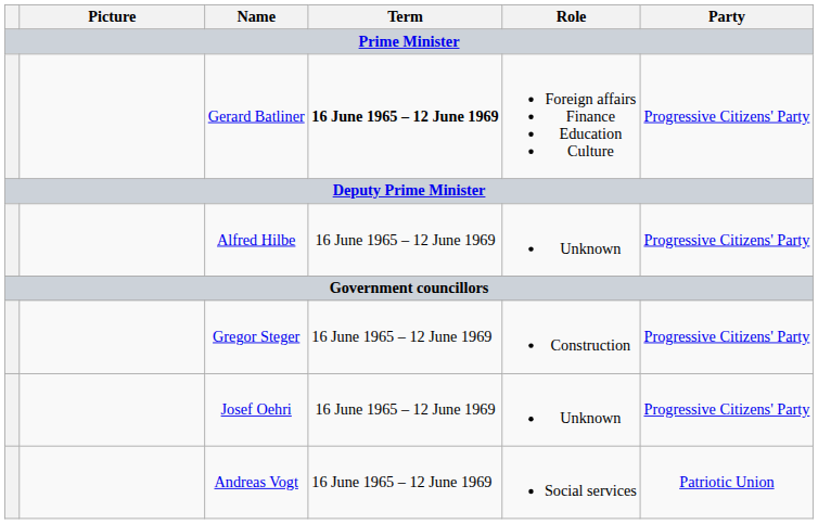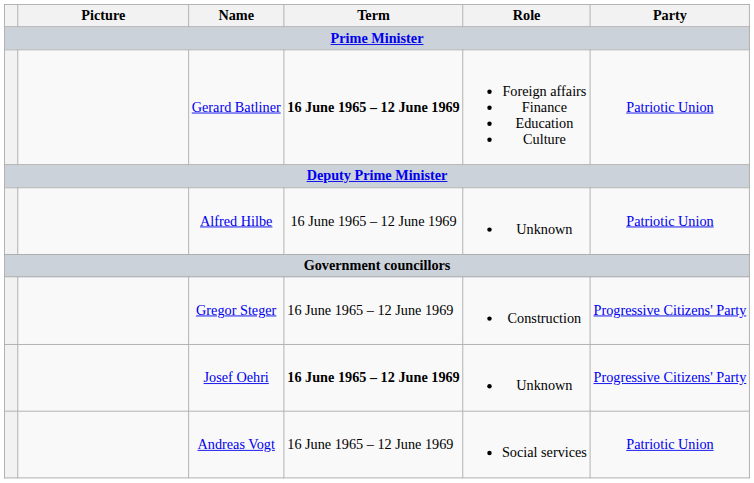 <table class="wikitable" style="text-align:center">
 <tr>
 <th style="width: 0.5em"></th>
 <th style="width: 11.5em"><strong>Picture</strong></th>
 <th><strong>Name</strong></th>
 <th><strong>Term</strong></th>
 <th>Role</th>
 <th><strong>Party</strong></th>
 </tr>
 <tr>
 <th colspan="7" style="background:#CCD2D9"><a href='#'>Prime Minister</a></th>
 </tr>
 <tr>
 <th style="background:"></th>
 <td></td>
 <td><a href='#'>Gerard Batliner</a></td>
 <td style="text-align:left"><strong>16 June 1965 – 12 June 1969</strong></td>
 <td><br><ul><li>Foreign affairs</li><li>Finance</li><li>Education</li><li>Culture</li></ul></td>
-<td><a href='#'>Progressive Citizens' Party</a></td>
+<td><a href='#'>Patriotic Union</a></td>
 </tr>
 <tr>
 <th colspan="7" style="background:#CCD2D9"><a href='#'>Deputy Prime Minister</a></th>
 </tr>
 <tr>
 <th style="background:"></th>
 <td></td>
 <td><a href='#'>Alfred Hilbe</a></td>
 <td>16 June 1965 – 12 June 1969</td>
 <td><br><ul><li>Unknown</li></ul></td>
-<td><a href='#'>Progressive Citizens' Party</a></td>
+<td><a href='#'>Patriotic Union</a></td>
 </tr>
 <tr>
 <th colspan="7" style="background:#CCD2D9">Government councillors</th>
 </tr>
 <tr>
 <th style="background:"></th>
 <td></td>
 <td><a href='#'>Gregor Steger</a></td>
 <td style="text-align:left">16 June 1965 – 12 June 1969</td>
 <td><br><ul><li>Construction</li></ul></td>
 <td><a href='#'>Progressive Citizens' Party</a></td>
 </tr>
 <tr>
 <th style="background:"></th>
 <td></td>
 <td><a href='#'>Josef Oehri</a></td>
-<td>16 June 1965 – 12 June 1969</td>
+<td><strong>16 June 1965 – 12 June 1969</strong></td>
 <td><br><ul><li>Unknown</li></ul></td>
 <td><a href='#'>Progressive Citizens' Party</a></td>
 </tr>
 <tr>
 <th style="background:"></th>
 <td></td>
 <td><a href='#'>Andreas Vogt</a></td>
 <td style="text-align:left">16 June 1965 – 12 June 1969</td>
 <td><br><ul><li>Social services</li></ul></td>
 <td><a href='#'>Patriotic Union</a></td>
 </tr>
 </table>
